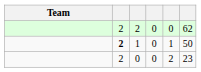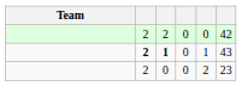 <table class="wikitable" style="text-align:center; float:left; margin-right:1em">
 <tr>
 <th width="170">Team</th>
 <th width="20"></th>
 <th width="20"></th>
 <th width="20"></th>
 <th width="20"></th>
 <th width="20"></th>
 </tr>
 <tr bgcolor="#ddffdd">
 <td align=left></td>
 <td>2</td>
 <td>2</td>
 <td>0</td>
 <td>0</td>
-<td>62</td>
+<td>42</td>
 </tr>
 <tr>
 <td align=left></td>
 <td><strong>2</strong></td>
-<td>1</td>
+<td><strong>1</strong></td>
 <td>0</td>
 <td>1</td>
-<td>50</td>
+<td>43</td>
 </tr>
 <tr>
 <td align=left></td>
 <td>2</td>
 <td>0</td>
 <td>0</td>
 <td>2</td>
 <td>23</td>
 </tr>
 </table>
